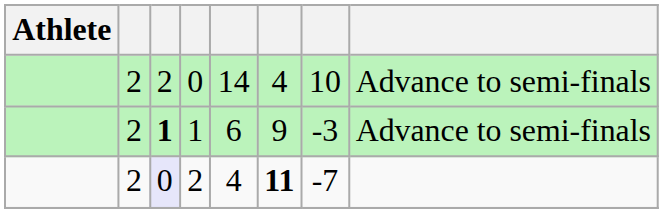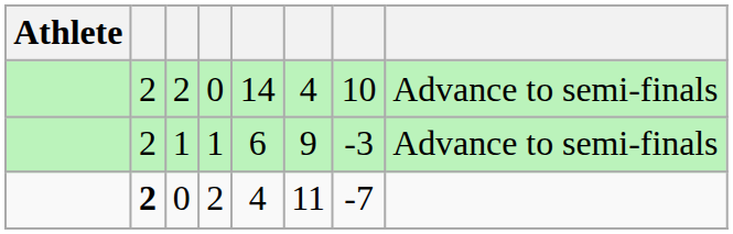 <table class=wikitable style="text-align:center">
 <tr>
 <th>Athlete</th>
 <th></th>
 <th></th>
 <th></th>
 <th></th>
 <th></th>
 <th></th>
 <th></th>
 </tr>
 <tr bgcolor=bbf3bb>
 <td style="text-align:left"></td>
 <td>2</td>
 <td>2</td>
 <td>0</td>
 <td>14</td>
 <td>4</td>
 <td>10</td>
 <td>Advance to semi-finals</td>
 </tr>
 <tr bgcolor=bbf3bb>
 <td style="text-align:left"></td>
 <td>2</td>
-<td><strong>1</strong></td>
+<td>1</td>
 <td>1</td>
 <td>6</td>
 <td>9</td>
 <td>-3</td>
 <td>Advance to semi-finals</td>
 </tr>
 <tr>
 <td style="text-align:left"></td>
-<td>2</td>
-<td style="background: lavender;">0</td>
+<td><strong>2</strong></td>
+<td>0</td>
 <td>2</td>
 <td>4</td>
-<td><strong>11</strong></td>
+<td>11</td>
 <td>-7</td>
 <td></td>
 </tr>
 <tr>
 </tr>
 </table>
